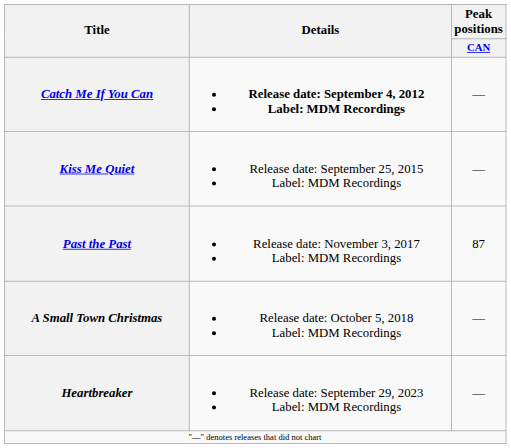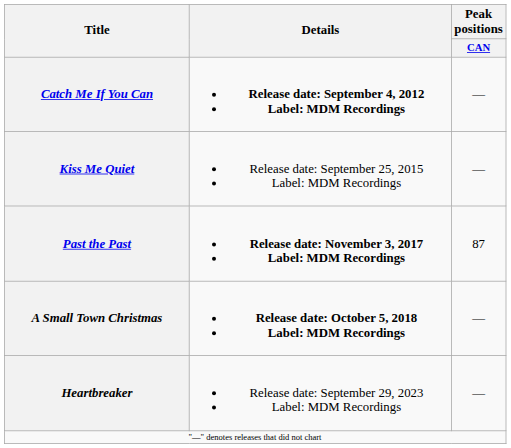 <table class="wikitable plainrowheaders" style="text-align:center;">
 <tr>
 <th rowspan="2" style="width:14em;">Title</th>
 <th rowspan="2" style="width:20em;">Details</th>
 <th>Peak<br>positions</th>
 </tr>
 <tr style="font-size:smaller;">
 <th><a href='#'>CAN</a><br></th>
 </tr>
 <tr>
 <th scope="row"><em><a href='#'>Catch Me If You Can</a></em></th>
 <td><strong><br><ul><li>Release date: September 4, 2012</li><li>Label: MDM Recordings</li></ul></strong></td>
 <td>—</td>
 </tr>
 <tr>
 <th scope="row"><em><a href='#'>Kiss Me Quiet</a></em></th>
 <td><br><ul><li>Release date: September 25, 2015</li><li>Label: MDM Recordings</li></ul></td>
 <td>—</td>
 </tr>
 <tr>
 <th scope="row"><em><a href='#'>Past the Past</a></em></th>
-<td><br><ul><li>Release date: November 3, 2017</li><li>Label: MDM Recordings</li></ul></td>
+<td><strong><br><ul><li>Release date: November 3, 2017</li><li>Label: MDM Recordings</li></ul></strong></td>
 <td>87</td>
 </tr>
 <tr>
 <th scope="row"><em>A Small Town Christmas</em></th>
-<td><br><ul><li>Release date: October 5, 2018</li><li>Label: MDM Recordings</li></ul></td>
+<td><strong><br><ul><li>Release date: October 5, 2018</li><li>Label: MDM Recordings</li></ul></strong></td>
 <td>—</td>
 </tr>
 <tr>
 <th scope="row"><em>Heartbreaker</em></th>
 <td><br><ul><li>Release date: September 29, 2023</li><li>Label: MDM Recordings</li></ul></td>
 <td>—</td>
 </tr>
 <tr>
 <td colspan="6" style="font-size:8pt">"—" denotes releases that did not chart</td>
 </tr>
 </table>
